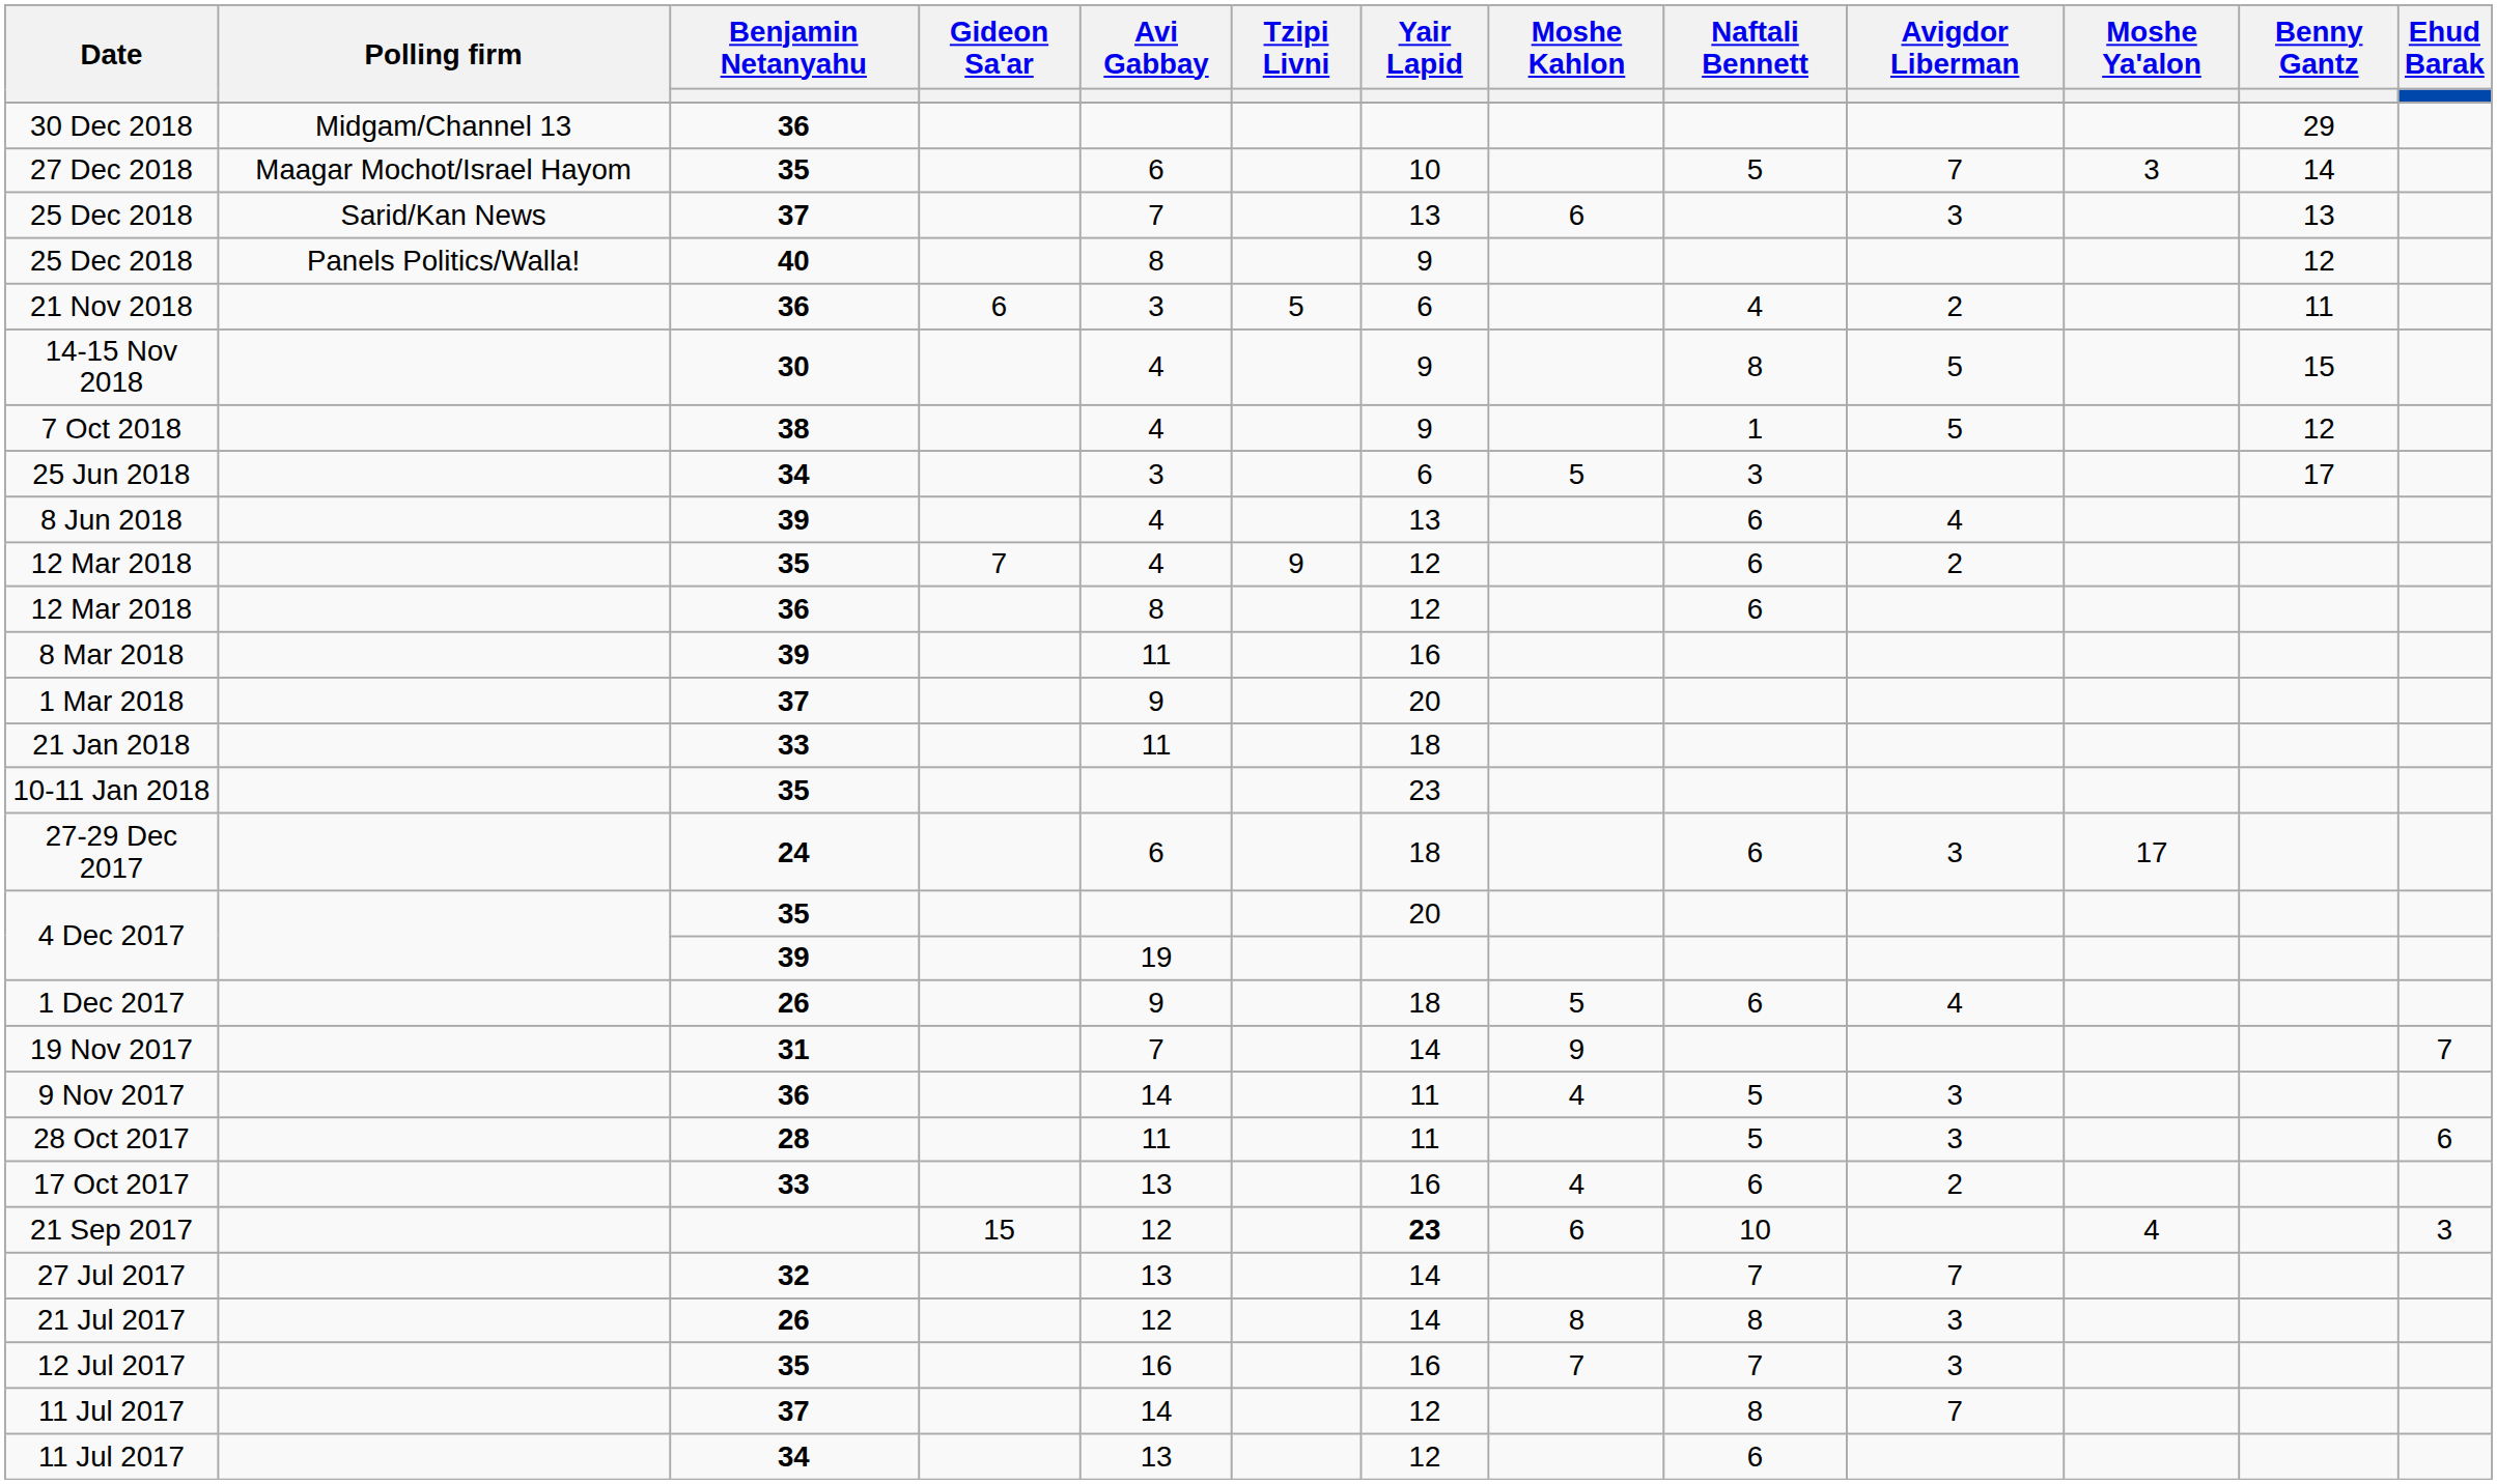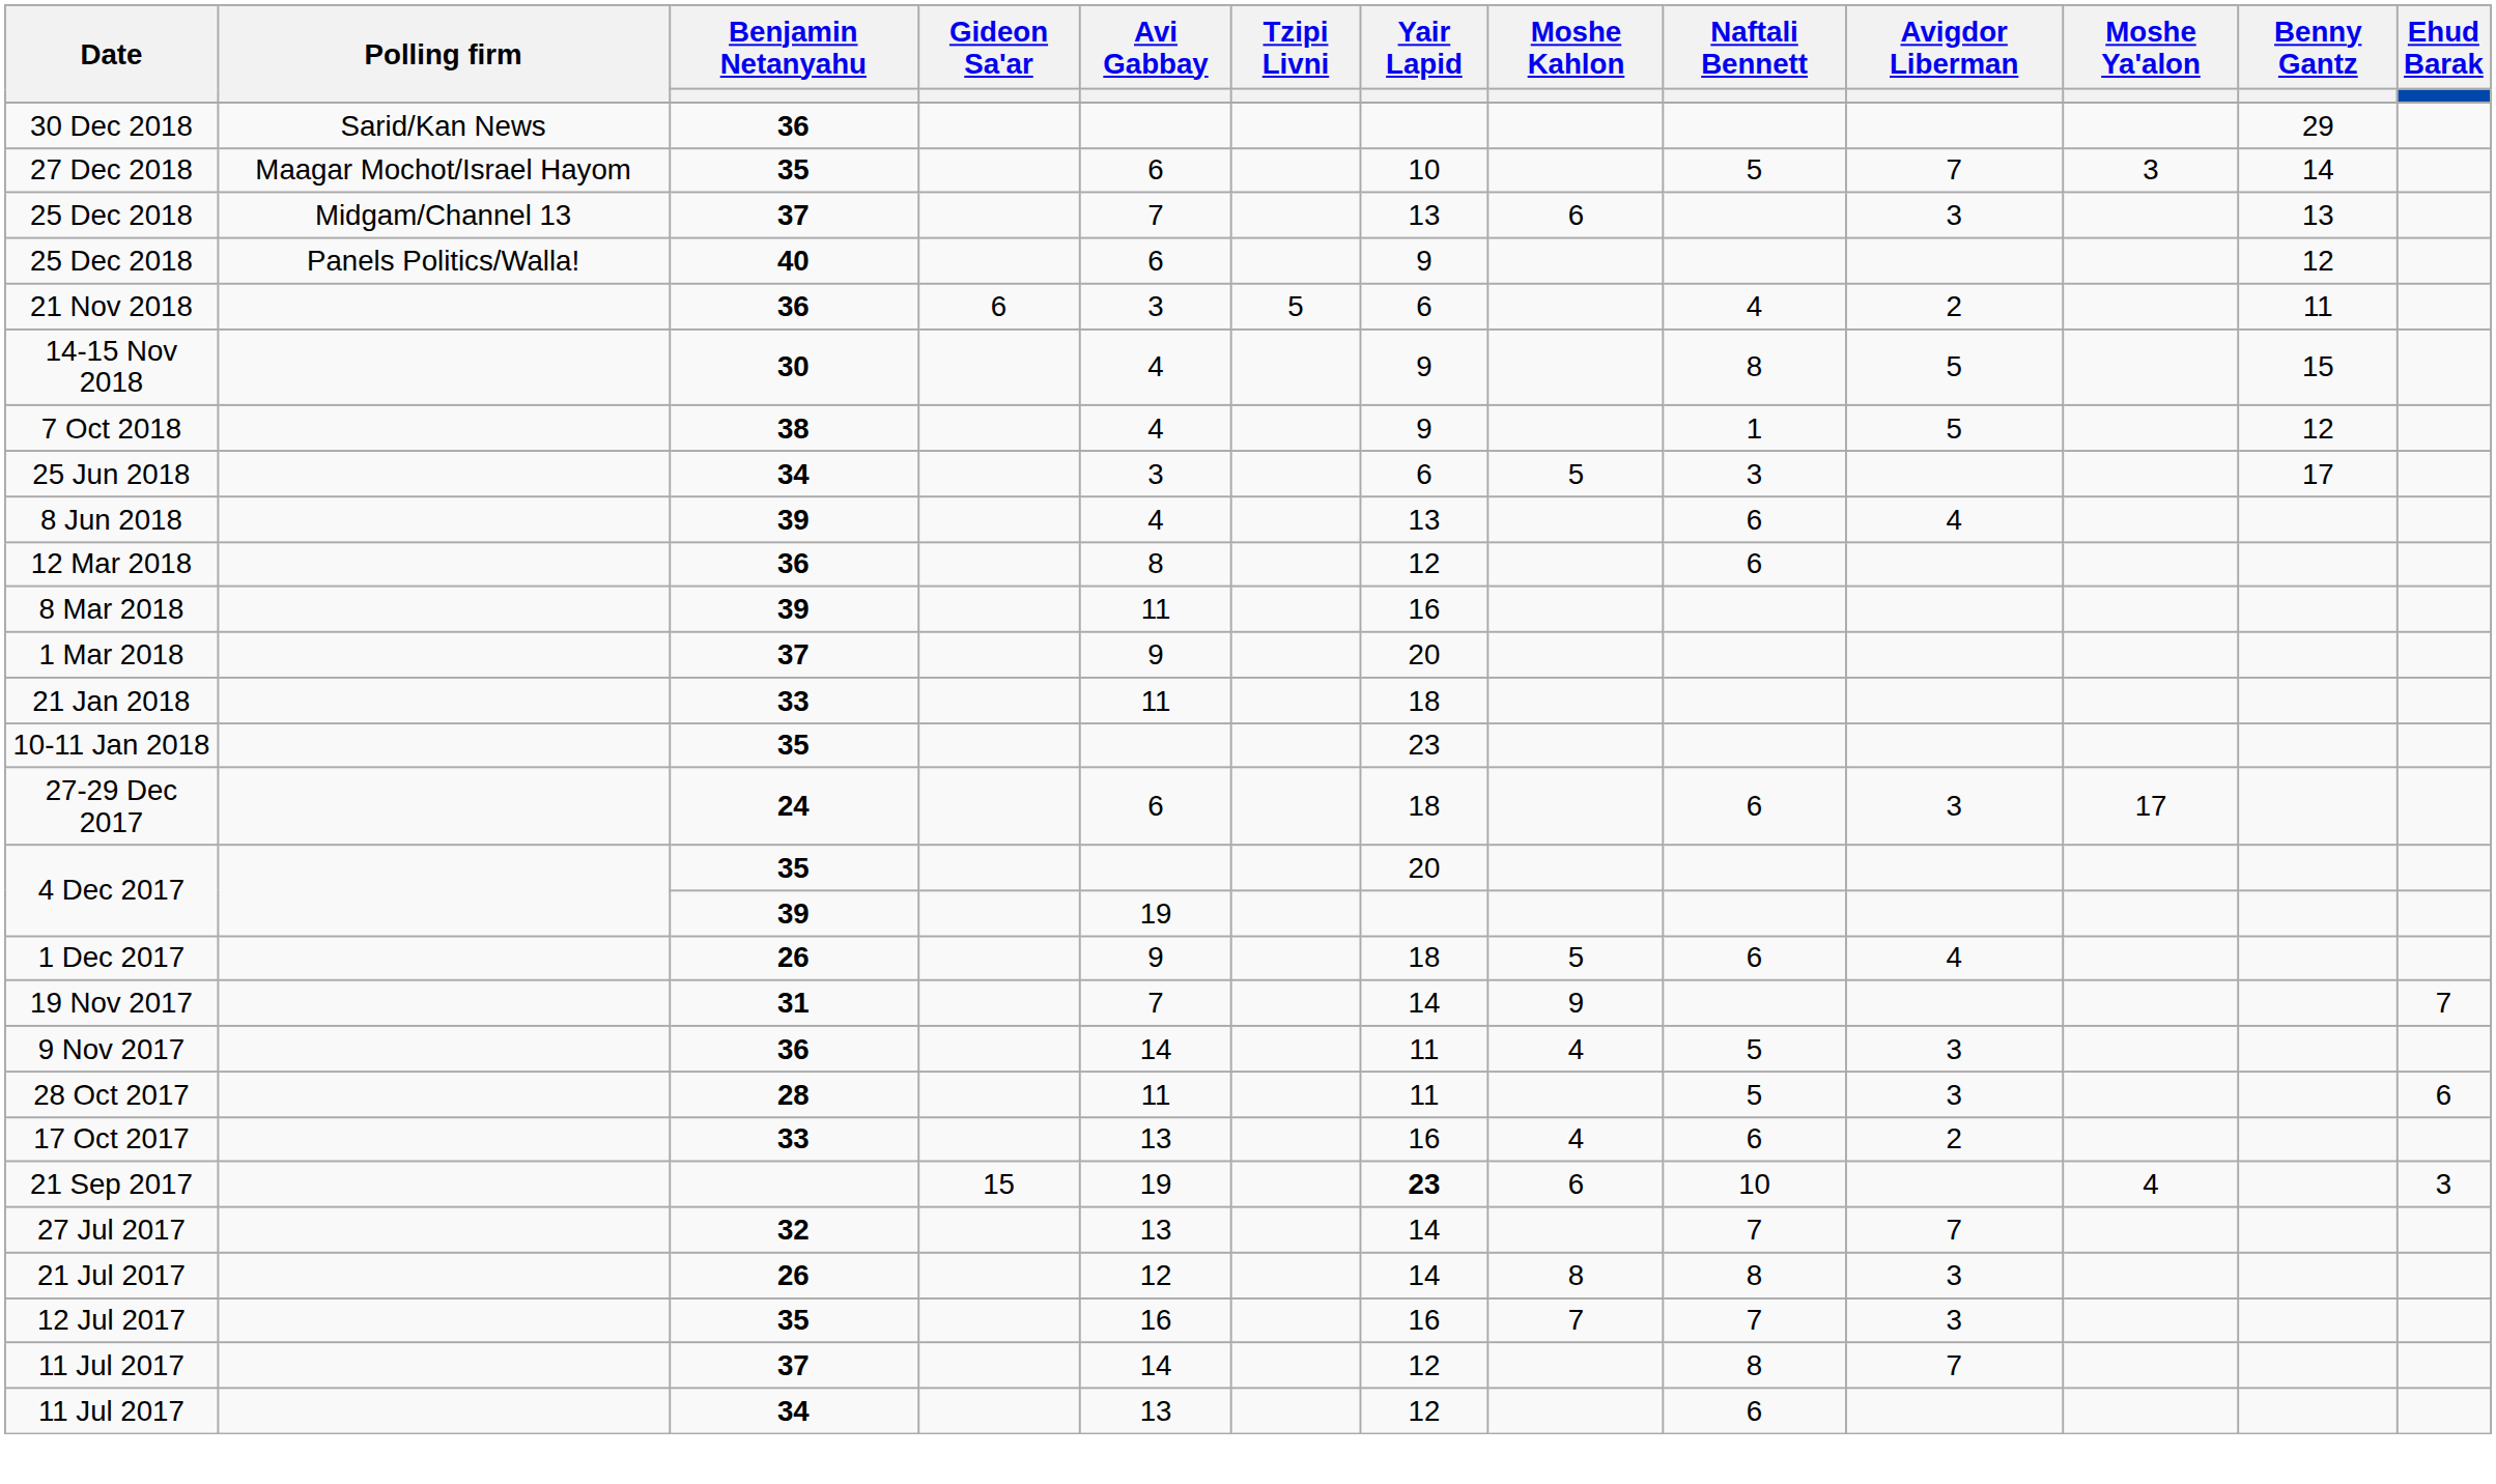 <table class="wikitable sortable" style="text-align:center; font-size:90%; line-height:16px;">
 <tr style="height:42px;">
 <th style="width:100px;" rowspan="2">Date</th>
 <th style="width:220px;" rowspan="2">Polling firm</th>
 <th><a href='#'>Benjamin Netanyahu</a></th>
 <th><a href='#'>Gideon Sa'ar</a></th>
 <th><a href='#'>Avi Gabbay</a></th>
 <th><a href='#'>Tzipi Livni</a></th>
 <th><a href='#'>Yair Lapid</a></th>
 <th><a href='#'>Moshe Kahlon</a></th>
 <th><a href='#'>Naftali Bennett</a></th>
 <th><a href='#'>Avigdor Liberman</a></th>
 <th><a href='#'>Moshe Ya'alon</a></th>
 <th><a href='#'>Benny Gantz</a></th>
 <th><a href='#'>Ehud Barak</a></th>
 </tr>
 <tr>
 <th style="color:inherit;background:"></th>
 <th style="color:inherit;background:"></th>
 <th style="color:inherit;background:"></th>
 <th style="color:inherit;background:"></th>
 <th style="color:inherit;background:"></th>
 <th style="color:inherit;background:"></th>
 <th style="color:inherit;background:"></th>
 <th style="color:inherit;background:"></th>
 <th style="color:inherit;background:"></th>
 <th style="color:inherit;background:"></th>
 <th style="background:#0047AB; width:40px;"></th>
 </tr>
 <tr Midgam/News Company>
 </tr>
 <tr>
 <td data-sort-value="2018-12-30">30 Dec 2018</td>
-<td>Midgam/Channel 13</td>
+<td>Sarid/Kan News</td>
 <td><strong>36</strong></td>
 <td></td>
 <td></td>
 <td></td>
 <td></td>
 <td></td>
 <td></td>
 <td></td>
 <td></td>
 <td>29</td>
 <td></td>
 </tr>
 <tr>
 <td data-sort-value="2018-12-27">27 Dec 2018</td>
 <td>Maagar Mochot/Israel Hayom</td>
 <td><strong>35</strong></td>
 <td></td>
 <td>6</td>
 <td></td>
 <td>10</td>
 <td></td>
 <td>5</td>
 <td>7</td>
 <td>3</td>
 <td>14</td>
 <td></td>
 </tr>
 <tr>
 <td data-sort-value="2018-12-25">25 Dec 2018</td>
-<td>Sarid/Kan News</td>
+<td>Midgam/Channel 13</td>
 <td><strong>37</strong></td>
 <td></td>
 <td>7</td>
 <td></td>
 <td>13</td>
 <td>6</td>
 <td></td>
 <td>3</td>
 <td></td>
 <td>13</td>
 <td></td>
 </tr>
 <tr>
 <td data-sort-value="2018-12-25">25 Dec 2018</td>
 <td>Panels Politics/Walla!</td>
 <td><strong>40</strong></td>
 <td></td>
-<td>8</td>
+<td>6</td>
 <td></td>
 <td>9</td>
 <td></td>
 <td></td>
 <td></td>
 <td></td>
 <td>12</td>
 <td></td>
 </tr>
 <tr>
 <td data-sort-value="2018-11-21">21 Nov 2018</td>
 <td></td>
 <td><strong>36</strong></td>
 <td>6</td>
 <td>3</td>
 <td>5</td>
 <td>6</td>
 <td></td>
 <td>4</td>
 <td>2</td>
 <td></td>
 <td>11</td>
 <td></td>
 </tr>
 <tr>
 <td data-sort-value="2018-11-15">14-15 Nov 2018</td>
 <td></td>
 <td><strong>30</strong></td>
 <td></td>
 <td>4</td>
 <td></td>
 <td>9</td>
 <td></td>
 <td>8</td>
 <td>5</td>
 <td></td>
 <td>15</td>
 <td></td>
 </tr>
 <tr>
 <td data-sort-value="2018-10-07">7 Oct 2018</td>
 <td></td>
 <td><strong>38</strong></td>
 <td></td>
 <td>4</td>
 <td></td>
 <td>9</td>
 <td></td>
 <td>1</td>
 <td>5</td>
 <td></td>
 <td>12</td>
 <td></td>
 </tr>
 <tr>
 <td data-sort-value="2018-06-25">25 Jun 2018</td>
 <td></td>
 <td><strong>34</strong></td>
 <td></td>
 <td>3</td>
 <td></td>
 <td>6</td>
 <td>5</td>
 <td>3</td>
 <td></td>
 <td></td>
 <td>17</td>
 <td></td>
 </tr>
 <tr>
 <td data-sort-value="2018-06-08">8 Jun 2018</td>
 <td></td>
 <td><strong>39</strong></td>
 <td></td>
 <td>4</td>
 <td></td>
 <td>13</td>
 <td></td>
 <td>6</td>
 <td>4</td>
-<td></td>
-<td></td>
-<td></td>
-</tr>
-<tr>
-<td data-sort-value="2018-03-12">12 Mar 2018</td>
-<td></td>
-<td><strong>35</strong></td>
-<td>7</td>
-<td>4</td>
-<td>9</td>
-<td>12</td>
-<td></td>
-<td>6</td>
-<td>2</td>
 <td></td>
 <td></td>
 <td></td>
 </tr>
 <tr>
 <td data-sort-value="2018-03-12">12 Mar 2018</td>
 <td></td>
 <td><strong>36</strong></td>
 <td></td>
 <td>8</td>
 <td></td>
 <td>12</td>
 <td></td>
 <td>6</td>
 <td></td>
 <td></td>
 <td></td>
 <td></td>
 </tr>
 <tr>
 <td data-sort-value="2018-03-08">8 Mar 2018</td>
 <td></td>
 <td><strong>39</strong></td>
 <td></td>
 <td>11</td>
 <td></td>
 <td>16</td>
 <td></td>
 <td></td>
 <td></td>
 <td></td>
 <td></td>
 <td></td>
 </tr>
 <tr>
 <td data-sort-value="2018-03-01">1 Mar 2018</td>
 <td></td>
 <td><strong>37</strong></td>
 <td></td>
 <td>9</td>
 <td></td>
 <td>20</td>
 <td></td>
 <td></td>
 <td></td>
 <td></td>
 <td></td>
 <td></td>
 </tr>
 <tr>
 <td data-sort-value="2018-01-21">21 Jan 2018</td>
 <td></td>
 <td><strong>33</strong></td>
 <td></td>
 <td>11</td>
 <td></td>
 <td>18</td>
 <td></td>
 <td></td>
 <td></td>
 <td></td>
 <td></td>
 <td></td>
 </tr>
 <tr>
 <td data-sort-value="2018-01-13">10-11 Jan 2018</td>
 <td></td>
 <td><strong>35</strong></td>
 <td></td>
 <td></td>
 <td></td>
 <td>23</td>
 <td></td>
 <td></td>
 <td></td>
 <td></td>
 <td></td>
 <td></td>
 </tr>
 <tr>
 <td data-sort-value="2017-12-29">27-29 Dec 2017</td>
 <td></td>
 <td><strong>24</strong></td>
 <td></td>
 <td>6</td>
 <td></td>
 <td>18</td>
 <td></td>
 <td>6</td>
 <td>3</td>
 <td>17</td>
 <td></td>
 <td></td>
 </tr>
 <tr>
 <td data-sort-value="2017-12-4" rowspan="2">4 Dec 2017</td>
 <td rowspan="2"></td>
 <td><strong>35</strong></td>
 <td></td>
 <td></td>
 <td></td>
 <td>20</td>
 <td></td>
 <td></td>
 <td></td>
 <td></td>
 <td></td>
 <td></td>
 </tr>
 <tr>
 <td><strong>39</strong></td>
 <td></td>
 <td>19</td>
 <td></td>
 <td></td>
 <td></td>
 <td></td>
 <td></td>
 <td></td>
 <td></td>
 <td></td>
 </tr>
 <tr>
 <td data-sort-value="2017-12-1">1 Dec 2017</td>
 <td></td>
 <td><strong>26</strong></td>
 <td></td>
 <td>9</td>
 <td></td>
 <td>18</td>
 <td>5</td>
 <td>6</td>
 <td>4</td>
 <td></td>
 <td></td>
 <td></td>
 </tr>
 <tr>
 <td data-sort-value="2017-11-19">19 Nov 2017</td>
 <td></td>
 <td><strong>31</strong></td>
 <td></td>
 <td>7</td>
 <td></td>
 <td>14</td>
 <td>9</td>
 <td></td>
 <td></td>
 <td></td>
 <td></td>
 <td>7</td>
 </tr>
 <tr>
 <td data-sort-value="2017-11-9">9 Nov 2017</td>
 <td></td>
 <td><strong>36</strong></td>
 <td></td>
 <td>14</td>
 <td></td>
 <td>11</td>
 <td>4</td>
 <td>5</td>
 <td>3</td>
 <td></td>
 <td></td>
 <td></td>
 </tr>
 <tr>
 <td data-sort-value="2017-10-28">28 Oct 2017</td>
 <td> </td>
 <td><strong>28</strong></td>
 <td></td>
 <td>11</td>
 <td></td>
 <td>11</td>
 <td></td>
 <td>5</td>
 <td>3</td>
 <td></td>
 <td></td>
 <td>6</td>
 </tr>
 <tr>
 <td data-sort-value="2017-10-17">17 Oct 2017</td>
 <td></td>
 <td><strong>33</strong></td>
 <td></td>
 <td>13</td>
 <td></td>
 <td>16</td>
 <td>4</td>
 <td>6</td>
 <td>2</td>
 <td></td>
 <td></td>
 <td></td>
 </tr>
 <tr>
 <td data-sort-value="2017-09-21">21 Sep 2017</td>
 <td></td>
 <td></td>
 <td>15</td>
-<td>12</td>
+<td>19</td>
 <td></td>
 <td><strong>23</strong></td>
 <td>6</td>
 <td>10</td>
 <td></td>
 <td>4</td>
 <td></td>
 <td>3</td>
 </tr>
 <tr>
 <td data-sort-value="2017-07-27">27 Jul 2017</td>
 <td> </td>
 <td><strong>32</strong></td>
 <td></td>
 <td>13</td>
 <td></td>
 <td>14</td>
 <td></td>
 <td>7</td>
 <td>7</td>
 <td></td>
 <td></td>
 <td></td>
 </tr>
 <tr>
 <td data-sort-value="2017-07-21">21 Jul 2017</td>
 <td></td>
 <td><strong>26</strong></td>
 <td></td>
 <td>12</td>
 <td></td>
 <td>14</td>
 <td>8</td>
 <td>8</td>
 <td>3</td>
 <td></td>
 <td></td>
 <td></td>
 </tr>
 <tr>
 <td data-sort-value="2017-07-12">12 Jul 2017</td>
 <td></td>
 <td><strong>35</strong></td>
 <td></td>
 <td>16</td>
 <td></td>
 <td>16</td>
 <td>7</td>
 <td>7</td>
 <td>3</td>
 <td></td>
 <td></td>
 <td></td>
 </tr>
 <tr>
 <td data-sort-value="2017-07-11">11 Jul 2017</td>
 <td></td>
 <td><strong>37</strong></td>
 <td></td>
 <td>14</td>
 <td></td>
 <td>12</td>
 <td></td>
 <td>8</td>
 <td>7</td>
 <td></td>
 <td></td>
 <td></td>
 </tr>
 <tr>
 <td data-sort-value="2017-07-11">11 Jul 2017</td>
 <td></td>
 <td><strong>34</strong></td>
 <td></td>
 <td>13</td>
 <td></td>
 <td>12</td>
 <td></td>
 <td>6</td>
 <td></td>
 <td></td>
 <td></td>
 <td></td>
 </tr>
 </table>
